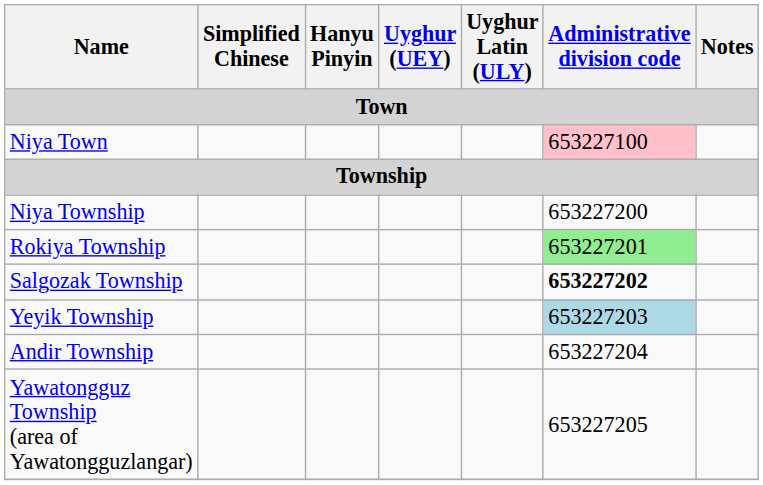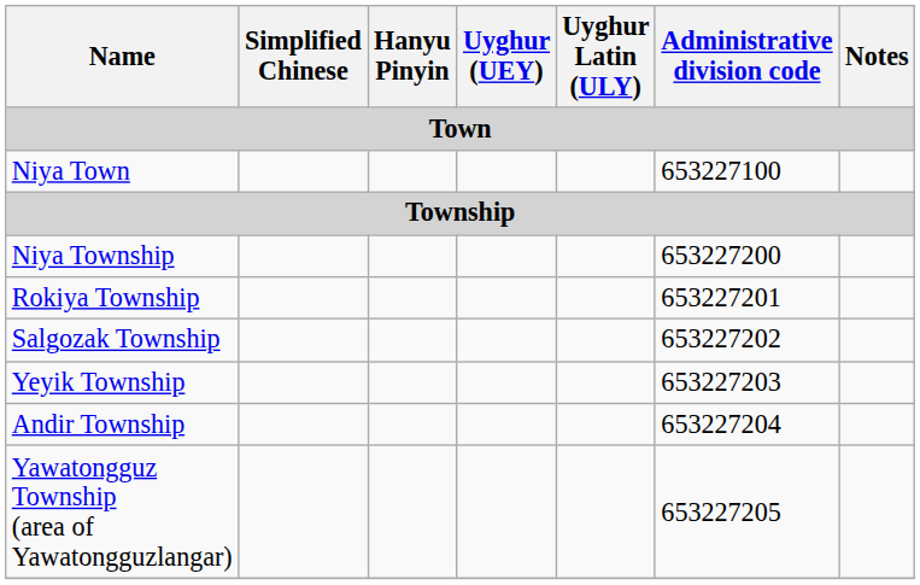 <table class="wikitable" align="center" style="width:50%; border="1">
 <tr>
 <th>Name</th>
 <th>Simplified Chinese</th>
 <th>Hanyu Pinyin</th>
 <th><a href='#'>Uyghur</a> (<a href='#'>UEY</a>)</th>
 <th>Uyghur Latin (<a href='#'>ULY</a>)</th>
 <th><a href='#'>Administrative division code</a></th>
 <th>Notes</th>
 </tr>
 <tr>
 <td colspan="8"  style="text-align:center; background:#d3d3d3;"><strong>Town</strong></td>
 </tr>
 <tr --------->
 <td><a href='#'>Niya Town</a></td>
 <td></td>
 <td></td>
 <td></td>
 <td></td>
-<td style="background: pink;">653227100</td>
+<td>653227100</td>
 <td></td>
 </tr>
 <tr>
 <td colspan="8"  style="text-align:center; background:#d3d3d3;"><strong>Township</strong></td>
 </tr>
 <tr --------->
 <td><a href='#'>Niya Township</a></td>
 <td></td>
 <td></td>
 <td></td>
 <td></td>
 <td>653227200</td>
 <td></td>
 </tr>
 <tr>
 <td><a href='#'>Rokiya Township</a></td>
 <td></td>
 <td></td>
 <td></td>
 <td></td>
-<td style="background: lightgreen;">653227201</td>
+<td>653227201</td>
 <td></td>
 </tr>
 <tr>
 <td><a href='#'>Salgozak Township</a></td>
 <td></td>
 <td></td>
 <td></td>
 <td></td>
-<td><strong>653227202</strong></td>
+<td>653227202</td>
 <td></td>
 </tr>
 <tr>
 <td><a href='#'>Yeyik Township</a></td>
 <td></td>
 <td></td>
 <td></td>
 <td></td>
-<td style="background: lightblue;">653227203</td>
+<td>653227203</td>
 <td></td>
 </tr>
 <tr>
 <td><a href='#'>Andir Township</a></td>
 <td></td>
 <td></td>
 <td></td>
 <td></td>
 <td>653227204</td>
 <td></td>
 </tr>
 <tr>
 <td><a href='#'>Yawatongguz Township</a><br>(area of Yawatongguzlangar)</td>
 <td></td>
 <td></td>
 <td></td>
 <td></td>
 <td>653227205</td>
 <td></td>
 </tr>
 <tr>
 </tr>
 </table>
